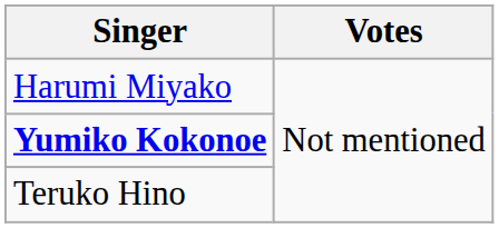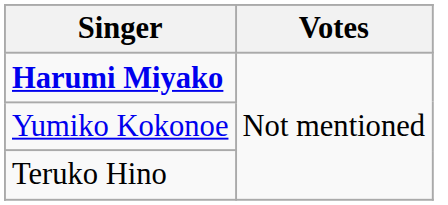 <table class="wikitable">
 <tr>
 <th>Singer</th>
 <th>Votes</th>
 </tr>
 <tr>
-<td><a href='#'>Harumi Miyako</a></td>
+<td><strong><a href='#'>Harumi Miyako</a></strong></td>
 <td rowspan=3>Not mentioned</td>
 </tr>
 <tr>
-<td><strong><a href='#'>Yumiko Kokonoe</a></strong></td>
+<td><a href='#'>Yumiko Kokonoe</a></td>
 </tr>
 <tr>
 <td>Teruko Hino</td>
 </tr>
 </table>
